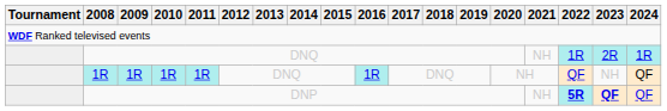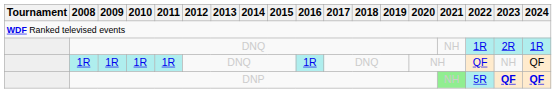 <table class="wikitable" style="width:20%; margin:0">
 <tr>
 <th>Tournament</th>
 <th>2008</th>
 <th>2009</th>
 <th>2010</th>
 <th>2011</th>
 <th>2012</th>
 <th>2013</th>
 <th>2014</th>
 <th>2015</th>
 <th>2016</th>
 <th>2017</th>
 <th>2018</th>
 <th>2019</th>
 <th>2020</th>
 <th>2021</th>
 <th>2022</th>
 <th>2023</th>
 <th>2024</th>
 </tr>
 <tr>
 <td colspan="18" style="text-align:left"><small><strong><a href='#'>WDF</a> </strong>Ranked televised events</small></td>
 </tr>
 <tr>
 <td style="background:#efefef;"></td>
 <td colspan="13" style="text-align:center; color:#ccc;">DNQ</td>
 <td style="text-align:center; color:#ccc;">NH</td>
 <td style="text-align:center; background:#afeeee;"><a href='#'>1R</a></td>
 <td style="text-align:center; background:#afeeee;"><a href='#'>2R</a></td>
 <td style="text-align:center; background:#afeeee;"><a href='#'>1R</a></td>
 </tr>
 <tr>
 <td style="background:#efefef;"></td>
 <td style="text-align:center; background:#afeeee;"><a href='#'>1R</a></td>
 <td style="text-align:center; background:#afeeee;"><a href='#'>1R</a></td>
 <td style="text-align:center; background:#afeeee;"><a href='#'>1R</a></td>
 <td style="text-align:center; background:#afeeee;"><a href='#'>1R</a></td>
 <td colspan="4" style="text-align:center; color:#ccc;">DNQ</td>
 <td style="text-align:center; background:#afeeee;"><a href='#'>1R</a></td>
 <td colspan="3" style="text-align:center; color:#ccc;">DNQ</td>
 <td colspan="2" style="text-align:center; color:#ccc;">NH</td>
 <td style="text-align:center; background:#ffebcd;"><a href='#'>QF</a></td>
 <td style="text-align:center; color:#ccc;">NH</td>
 <td style="text-align:center; background:#ffebcd;">QF</td>
 </tr>
 <tr>
 <td style="background:#efefef;"></td>
 <td colspan="13" style="text-align:center; color:#ccc;">DNP</td>
-<td style="text-align:center; color:#ccc;">NH</td>
-<td style="text-align:center; background:#afeeee;"><strong><a href='#'>5R</a></strong></td>
+<td style="background: lightgreen; text-align:center; color:#ccc;">NH</td>
+<td style="text-align:center; background:#afeeee;"><a href='#'>5R</a></td>
 <td style="text-align:center; background:#ffebcd;"><strong><a href='#'>QF</a></strong></td>
-<td style="text-align:center; background:#ffebcd;"><a href='#'>QF</a></td>
+<td style="text-align:center; background:#ffebcd;"><strong><a href='#'>QF</a></strong></td>
 </tr>
 </table>
